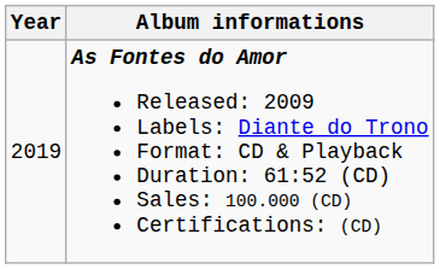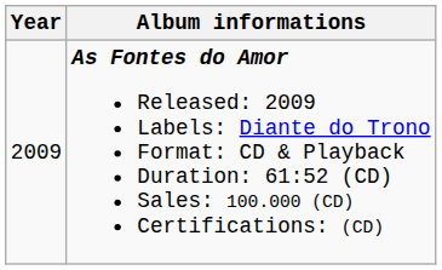 <table class="wikitable">
 <tr>
 <th>Year</th>
 <th>Album informations</th>
 </tr>
 <tr>
-<td>2019</td>
+<td>2009</td>
 <td><strong><em>As Fontes do Amor</em></strong><br><ul><li>Released: 2009</li><li>Labels: <a href='#'>Diante do Trono</a></li><li>Format: CD & Playback</li><li>Duration: 61:52 (CD)</li><li>Sales: <small>100.000 (CD)</small></li><li>Certifications: <small> (CD)</small></li></ul></td>
 </tr>
 </table>
